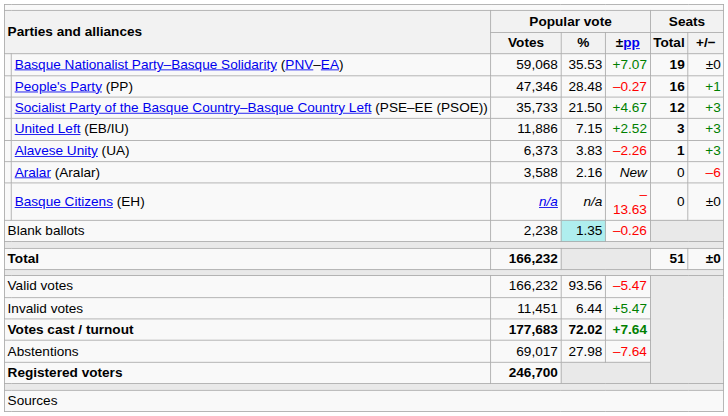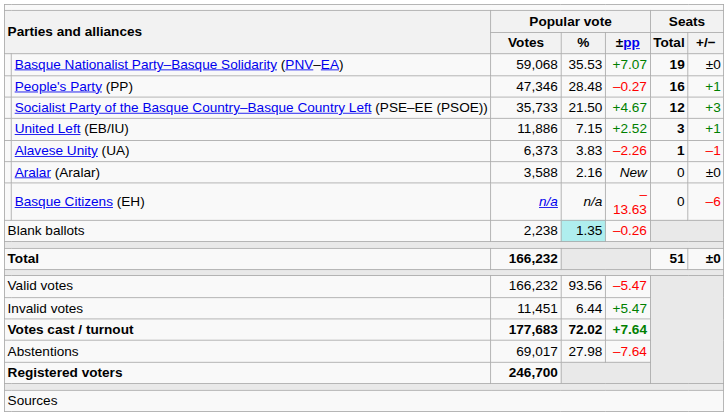 <table class="wikitable" style="text-align:right;">
 <tr>
 <td colspan="7"></td>
 </tr>
 <tr>
 <th style="text-align:left;" rowspan="2" colspan="2" width="525">Parties and alliances</th>
 <th colspan="3">Popular vote</th>
 <th colspan="2">Seats</th>
 </tr>
 <tr>
 <th width="75">Votes</th>
 <th width="45">%</th>
 <th width="45">±<a href='#'>pp</a></th>
 <th width="35">Total</th>
 <th width="35">+/−</th>
 </tr>
 <tr>
 <td width="1" style="color:inherit;background:"></td>
 <td align="left"><a href='#'>Basque Nationalist Party–Basque Solidarity</a> (<a href='#'>PNV</a>–<a href='#'>EA</a>)</td>
 <td>59,068</td>
 <td>35.53</td>
 <td style="color:green;">+7.07</td>
 <td><strong>19</strong></td>
 <td>±0</td>
 </tr>
 <tr>
 <td style="color:inherit;background:"></td>
 <td align="left"><a href='#'>People's Party</a> (PP)</td>
 <td>47,346</td>
 <td>28.48</td>
 <td style="color:red;">–0.27</td>
 <td><strong>16</strong></td>
 <td style="color:green;">+1</td>
 </tr>
 <tr>
 <td style="color:inherit;background:"></td>
 <td align="left"><a href='#'>Socialist Party of the Basque Country–Basque Country Left</a> (PSE–EE (PSOE))</td>
 <td>35,733</td>
 <td>21.50</td>
 <td style="color:green;">+4.67</td>
 <td><strong>12</strong></td>
 <td style="color:green;">+3</td>
 </tr>
 <tr>
 <td style="color:inherit;background:"></td>
 <td align="left"><a href='#'>United Left</a> (EB/IU)</td>
 <td>11,886</td>
 <td>7.15</td>
 <td style="color:green;">+2.52</td>
 <td><strong>3</strong></td>
-<td style="color:green;">+3</td>
+<td style="color:green;">+1</td>
 </tr>
 <tr>
 <td style="color:inherit;background:"></td>
 <td align="left"><a href='#'>Alavese Unity</a> (UA)</td>
 <td>6,373</td>
 <td>3.83</td>
 <td style="color:red;">–2.26</td>
 <td><strong>1</strong></td>
-<td style="color:green;">+3</td>
+<td style="color:red;">–1</td>
 </tr>
 <tr>
 <td style="color:inherit;background:"></td>
 <td align="left"><a href='#'>Aralar</a> (Aralar)</td>
 <td>3,588</td>
 <td>2.16</td>
 <td><em>New</em></td>
 <td>0</td>
-<td style="color:red;">–6</td>
+<td>±0</td>
 </tr>
 <tr>
 <td style="color:inherit;background:"></td>
 <td align="left"><a href='#'>Basque Citizens</a> (EH)</td>
 <td><em><a href='#'>n/a</a></em></td>
 <td><em>n/a</em></td>
 <td style="color:red;">–13.63</td>
 <td>0</td>
-<td>±0</td>
+<td style="color:red;">–6</td>
 </tr>
 <tr>
 <td align="left" colspan="2">Blank ballots</td>
 <td>2,238</td>
 <td style="background: paleturquoise;">1.35</td>
 <td style="color:red;">–0.26</td>
 <td bgcolor="#E9E9E9" colspan="2"></td>
 </tr>
 <tr>
 <td colspan="7" bgcolor="#E9E9E9"></td>
 </tr>
 <tr style="font-weight:bold;">
 <td align="left" colspan="2">Total</td>
 <td>166,232</td>
 <td bgcolor="#E9E9E9" colspan="2"></td>
 <td>51</td>
 <td>±0</td>
 </tr>
 <tr>
 <td colspan="7" bgcolor="#E9E9E9"></td>
 </tr>
 <tr>
 <td align="left" colspan="2">Valid votes</td>
 <td>166,232</td>
 <td>93.56</td>
 <td style="color:red;">–5.47</td>
 <td bgcolor="#E9E9E9" colspan="2" rowspan="5"></td>
 </tr>
 <tr>
 <td align="left" colspan="2">Invalid votes</td>
 <td>11,451</td>
 <td>6.44</td>
 <td style="color:green;">+5.47</td>
 </tr>
 <tr style="font-weight:bold;">
 <td align="left" colspan="2">Votes cast / turnout</td>
 <td>177,683</td>
 <td>72.02</td>
 <td style="color:green;">+7.64</td>
 </tr>
 <tr>
 <td align="left" colspan="2">Abstentions</td>
 <td>69,017</td>
 <td>27.98</td>
 <td style="color:red;">–7.64</td>
 </tr>
 <tr style="font-weight:bold;">
 <td align="left" colspan="2">Registered voters</td>
 <td>246,700</td>
 <td bgcolor="#E9E9E9" colspan="2"></td>
 </tr>
 <tr>
 <td colspan="7" bgcolor="#E9E9E9"></td>
 </tr>
 <tr>
 <td align="left" colspan="7">Sources</td>
 </tr>
 </table>
